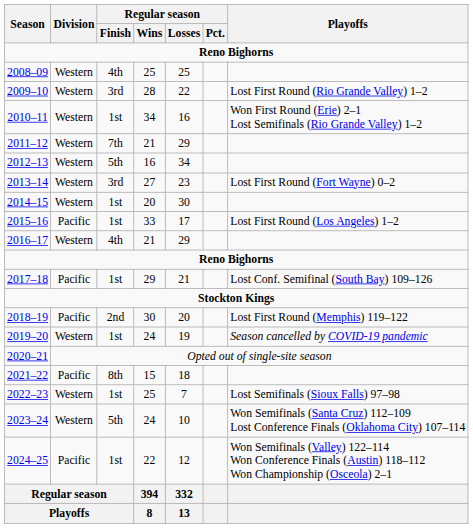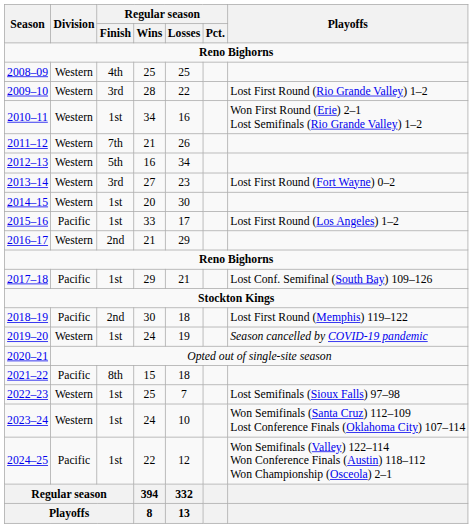 <table class="wikitable" style="font-size:95%; text-align:center">
 <tr>
 <th rowspan=2>Season</th>
 <th rowspan=2>Division</th>
 <th colspan=4>Regular season</th>
 <th rowspan=2>Playoffs</th>
 </tr>
 <tr>
 <th>Finish</th>
 <th>Wins</th>
 <th>Losses</th>
 <th>Pct.</th>
 </tr>
 <tr>
 <td colspan=8><strong>Reno Bighorns</strong></td>
 </tr>
 <tr>
 <td><a href='#'>2008–09</a></td>
 <td>Western</td>
 <td>4th</td>
 <td>25</td>
 <td>25</td>
 <td></td>
 <td></td>
 </tr>
 <tr>
 <td><a href='#'>2009–10</a></td>
 <td>Western</td>
 <td>3rd</td>
 <td>28</td>
 <td>22</td>
 <td></td>
 <td align=left>Lost First Round (<a href='#'>Rio Grande Valley</a>) 1–2</td>
 </tr>
 <tr>
 <td><a href='#'>2010–11</a></td>
 <td>Western</td>
 <td>1st</td>
 <td>34</td>
 <td>16</td>
 <td></td>
 <td align=left>Won First Round (<a href='#'>Erie</a>) 2–1<br> Lost Semifinals (<a href='#'>Rio Grande Valley</a>) 1–2</td>
 </tr>
 <tr>
 <td><a href='#'>2011–12</a></td>
 <td>Western</td>
 <td>7th</td>
 <td>21</td>
-<td>29</td>
+<td>26</td>
 <td></td>
 <td></td>
 </tr>
 <tr>
 <td><a href='#'>2012–13</a></td>
 <td>Western</td>
 <td>5th</td>
 <td>16</td>
 <td>34</td>
 <td></td>
 <td></td>
 </tr>
 <tr>
 <td><a href='#'>2013–14</a></td>
 <td>Western</td>
 <td>3rd</td>
 <td>27</td>
 <td>23</td>
 <td></td>
 <td align=left>Lost First Round (<a href='#'>Fort Wayne</a>) 0–2</td>
 </tr>
 <tr>
 <td><a href='#'>2014–15</a></td>
 <td>Western</td>
 <td>1st</td>
 <td>20</td>
 <td>30</td>
 <td></td>
 <td></td>
 </tr>
 <tr>
 <td><a href='#'>2015–16</a></td>
 <td>Pacific</td>
 <td>1st</td>
 <td>33</td>
 <td>17</td>
 <td></td>
 <td align=left>Lost First Round (<a href='#'>Los Angeles</a>) 1–2</td>
 </tr>
 <tr>
 <td><a href='#'>2016–17</a></td>
 <td>Western</td>
-<td>4th</td>
+<td>2nd</td>
 <td>21</td>
 <td>29</td>
 <td></td>
 <td></td>
 </tr>
 <tr>
 <td colspan=8><strong>Reno Bighorns</strong></td>
 </tr>
 <tr>
 <td><a href='#'>2017–18</a></td>
 <td>Pacific</td>
 <td>1st</td>
 <td>29</td>
 <td>21</td>
 <td></td>
 <td align=left>Lost Conf. Semifinal (<a href='#'>South Bay</a>) 109–126</td>
 </tr>
 <tr>
 <td colspan=8><strong>Stockton Kings</strong></td>
 </tr>
 <tr>
 <td><a href='#'>2018–19</a></td>
 <td>Pacific</td>
 <td>2nd</td>
 <td>30</td>
-<td>20</td>
+<td>18</td>
 <td></td>
 <td align=left>Lost First Round (<a href='#'>Memphis</a>) 119–122</td>
 </tr>
 <tr>
 <td><a href='#'>2019–20</a></td>
 <td>Western</td>
 <td>1st</td>
 <td>24</td>
 <td>19</td>
 <td></td>
 <td align=left><em>Season cancelled by <a href='#'>COVID-19 pandemic</a></em></td>
 </tr>
 <tr>
 <td><a href='#'>2020–21</a></td>
 <td colspan="7"><em>Opted out of single-site season</em></td>
 </tr>
 <tr>
 <td><a href='#'>2021–22</a></td>
 <td>Pacific</td>
 <td>8th</td>
 <td>15</td>
 <td>18</td>
 <td></td>
 <td align=left></td>
 </tr>
 <tr>
 <td><a href='#'>2022–23</a></td>
 <td>Western</td>
 <td>1st</td>
 <td>25</td>
 <td>7</td>
 <td></td>
 <td align=left>Lost Semifinals (<a href='#'>Sioux Falls</a>) 97–98</td>
 </tr>
 <tr>
 <td><a href='#'>2023–24</a></td>
 <td>Western</td>
-<td>5th</td>
+<td>1st</td>
 <td>24</td>
 <td>10</td>
 <td></td>
 <td align=left>Won Semifinals (<a href='#'>Santa Cruz</a>) 112–109<br>Lost Conference Finals (<a href='#'>Oklahoma City</a>) 107–114</td>
 </tr>
 <tr>
 <td><a href='#'>2024–25</a></td>
 <td>Pacific</td>
 <td>1st</td>
 <td>22</td>
 <td>12</td>
 <td></td>
 <td align=left>Won Semifinals (<a href='#'>Valley</a>) 122–114<br>Won Conference Finals (<a href='#'>Austin</a>) 118–112<br>Won Championship (<a href='#'>Osceola</a>) 2–1</td>
 </tr>
 <tr>
 <th colspan=3>Regular season</th>
 <th>394</th>
 <th>332</th>
 <th></th>
 <th></th>
 </tr>
 <tr>
 <th colspan=3>Playoffs</th>
 <th>8</th>
 <th>13</th>
 <th></th>
 <th></th>
 </tr>
 </table>
